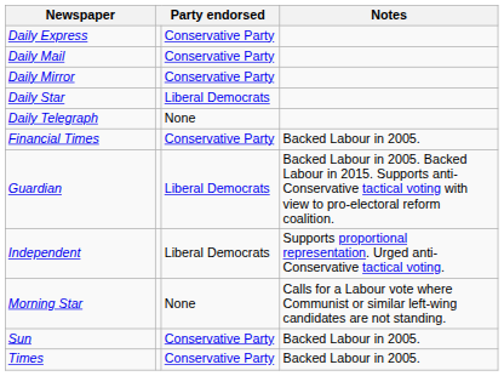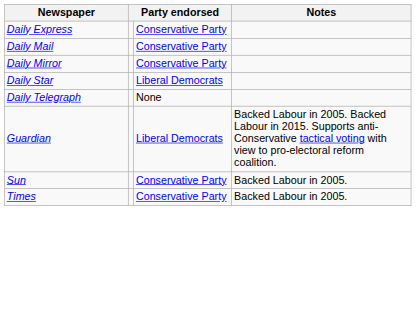 <table class="wikitable">
 <tr>
 <th width=200px>Newspaper</th>
 <th colspan=2>Party endorsed</th>
 <th width=300px>Notes</th>
 </tr>
 <tr>
 <td><em><a href='#'>Daily Express</a></em></td>
 <td style="background-color: "></td>
 <td width=150px><a href='#'>Conservative Party</a></td>
 <td></td>
 </tr>
 <tr>
 <td><em><a href='#'>Daily Mail</a></em></td>
 <td style="background-color: "></td>
 <td><a href='#'>Conservative Party</a></td>
 <td></td>
 </tr>
 <tr>
 <td><em><a href='#'>Daily Mirror</a></em></td>
 <td style="background-color: "></td>
 <td><a href='#'>Conservative Party</a></td>
 <td></td>
 </tr>
 <tr>
 <td><em><a href='#'>Daily Star</a></em></td>
 <td style="background-color: "></td>
 <td><a href='#'>Liberal Democrats</a></td>
 <td></td>
 </tr>
 <tr>
 <td><em><a href='#'>Daily Telegraph</a></em></td>
 <td style="background-color: "></td>
 <td>None</td>
 <td></td>
 </tr>
 <tr>
-<td><em><a href='#'>Financial Times</a></em></td>
-<td style="background-color: "></td>
-<td><a href='#'>Conservative Party</a></td>
-<td>Backed Labour in 2005.</td>
-</tr>
-<tr>
 <td><em><a href='#'>Guardian</a></em></td>
 <td style="background-color: "></td>
 <td><a href='#'>Liberal Democrats</a></td>
 <td>Backed Labour in 2005. Backed Labour in 2015. Supports anti-Conservative <a href='#'>tactical voting</a> with view to pro-electoral reform coalition.</td>
-</tr>
-<tr>
-<td><em><a href='#'>Independent</a></em></td>
-<td style="background-color: "></td>
-<td>Liberal Democrats</td>
-<td>Supports <a href='#'>proportional representation</a>. Urged anti-Conservative <a href='#'>tactical voting</a>.</td>
-</tr>
-<tr>
-<td><em><a href='#'>Morning Star</a></em></td>
-<td style="background-color: "></td>
-<td>None</td>
-<td>Calls for a Labour vote where Communist or similar left-wing candidates are not standing.</td>
 </tr>
 <tr>
 <td><em><a href='#'>Sun</a></em></td>
 <td style="background-color: "></td>
 <td><a href='#'>Conservative Party</a></td>
 <td>Backed Labour in 2005.</td>
 </tr>
 <tr>
 <td><em><a href='#'>Times</a></em></td>
 <td style="background-color: "></td>
 <td><a href='#'>Conservative Party</a></td>
 <td>Backed Labour in 2005.</td>
 </tr>
 </table>
